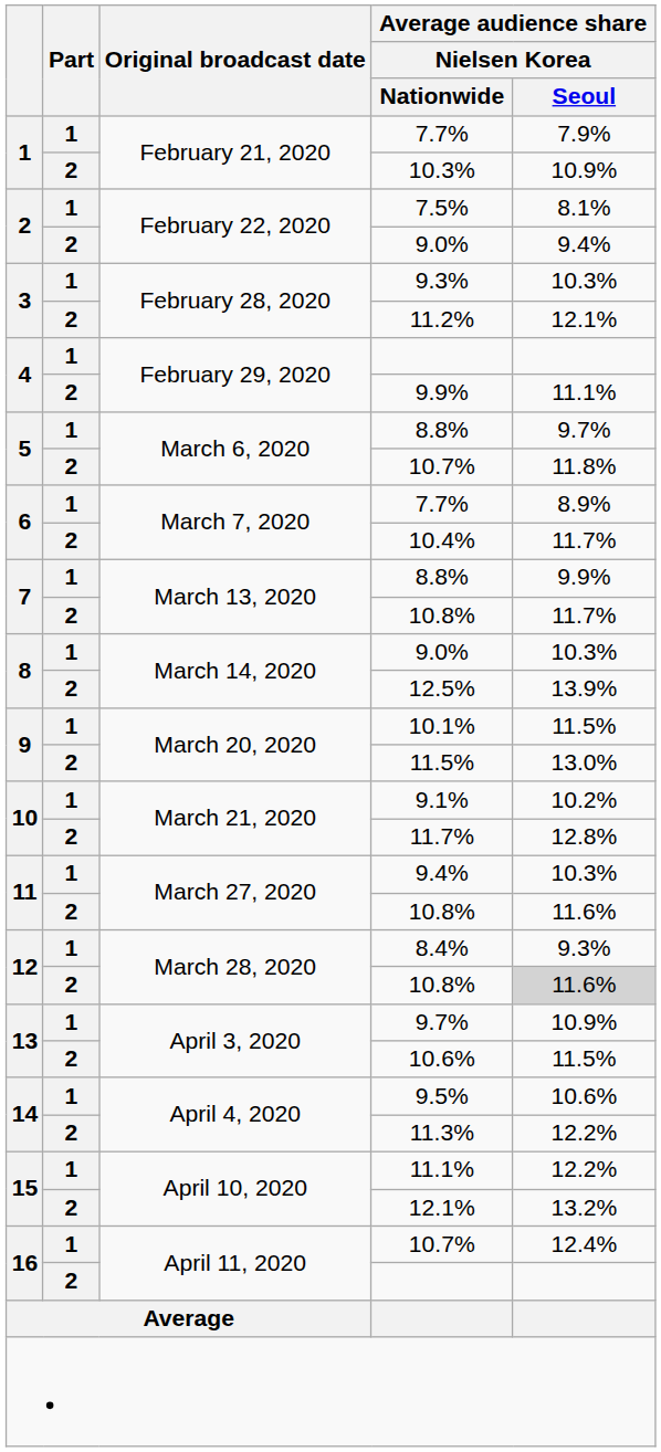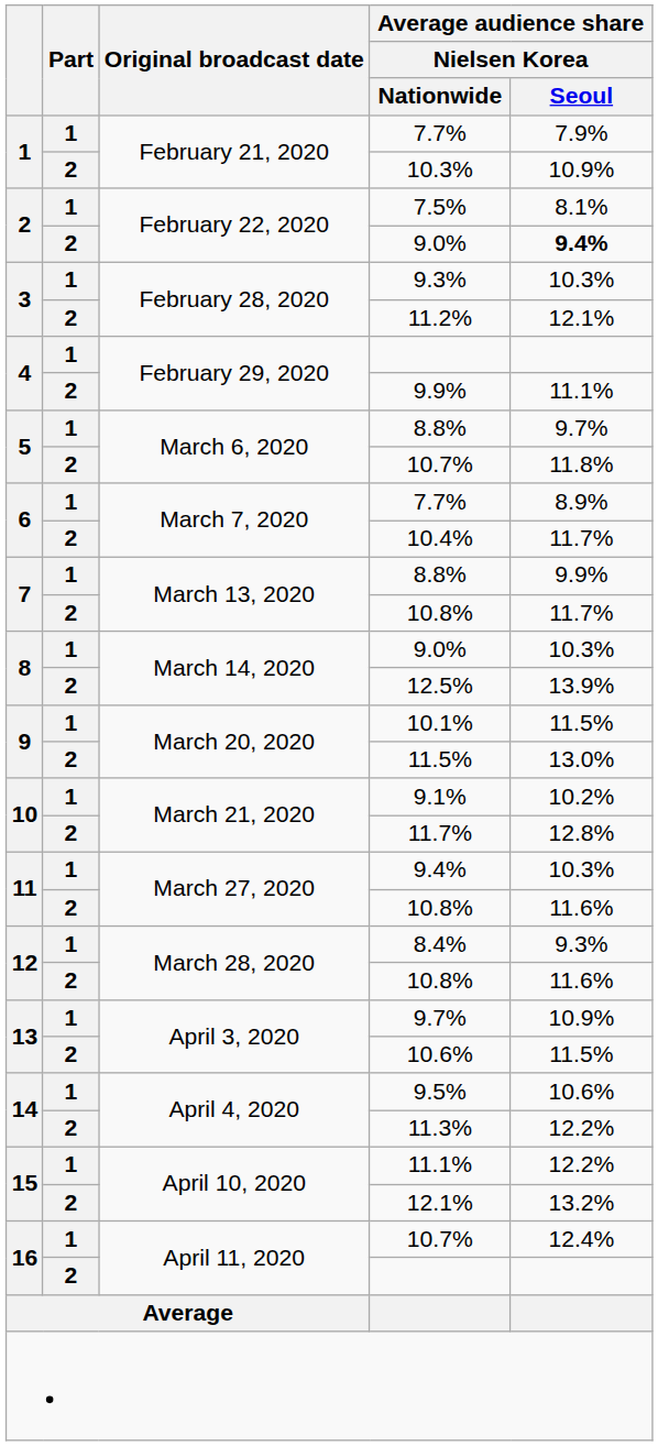 <table class="wikitable" style="text-align:center;max-width:450px; margin-left: auto; margin-right: auto; border: none;">
 <tr>
 </tr>
 <tr>
 <th rowspan="3"></th>
 <th rowspan="3">Part</th>
 <th rowspan="3">Original broadcast date</th>
 <th colspan="2">Average audience share</th>
 </tr>
 <tr>
 <th colspan="2">Nielsen Korea</th>
 </tr>
 <tr>
 <th width="90">Nationwide</th>
 <th width="90"><a href='#'>Seoul</a></th>
 </tr>
 <tr>
 <th rowspan="2">1</th>
 <th>1</th>
 <td rowspan="2">February 21, 2020</td>
 <td>7.7% </td>
 <td>7.9% </td>
 </tr>
 <tr>
 <th>2</th>
 <td>10.3% </td>
 <td>10.9% </td>
 </tr>
 <tr>
 <th rowspan="2">2</th>
 <th>1</th>
 <td rowspan="2">February 22, 2020</td>
 <td>7.5% </td>
 <td>8.1% </td>
 </tr>
 <tr>
 <th>2</th>
 <td>9.0% </td>
-<td>9.4% </td>
+<td><strong>9.4% </strong></td>
 </tr>
 <tr>
 <th rowspan="2">3</th>
 <th>1</th>
 <td rowspan="2">February 28, 2020</td>
 <td>9.3% </td>
 <td>10.3% </td>
 </tr>
 <tr>
 <th>2</th>
 <td>11.2% </td>
 <td>12.1% </td>
 </tr>
 <tr>
 <th rowspan="2">4</th>
 <th>1</th>
 <td rowspan="2">February 29, 2020</td>
 <td><strong></strong> </td>
 <td><strong></strong> </td>
 </tr>
 <tr>
 <th>2</th>
 <td>9.9% </td>
 <td>11.1% </td>
 </tr>
 <tr>
 <th rowspan="2">5</th>
 <th>1</th>
 <td rowspan="2">March 6, 2020</td>
 <td>8.8% </td>
 <td>9.7% </td>
 </tr>
 <tr>
 <th>2</th>
 <td>10.7% </td>
 <td>11.8% </td>
 </tr>
 <tr>
 <th rowspan="2">6</th>
 <th>1</th>
 <td rowspan="2">March 7, 2020</td>
 <td>7.7% </td>
 <td>8.9% </td>
 </tr>
 <tr>
 <th>2</th>
 <td>10.4% </td>
 <td>11.7% </td>
 </tr>
 <tr>
 <th rowspan="2">7</th>
 <th>1</th>
 <td rowspan="2">March 13, 2020</td>
 <td>8.8% </td>
 <td>9.9% </td>
 </tr>
 <tr>
 <th>2</th>
 <td>10.8% </td>
 <td>11.7% </td>
 </tr>
 <tr>
 <th rowspan="2">8</th>
 <th>1</th>
 <td rowspan="2">March 14, 2020</td>
 <td>9.0% </td>
 <td>10.3% </td>
 </tr>
 <tr>
 <th>2</th>
 <td>12.5% </td>
 <td>13.9% </td>
 </tr>
 <tr>
 <th rowspan="2">9</th>
 <th>1</th>
 <td rowspan="2">March 20, 2020</td>
 <td>10.1% </td>
 <td>11.5% </td>
 </tr>
 <tr>
 <th>2</th>
 <td>11.5% </td>
 <td>13.0% </td>
 </tr>
 <tr>
 <th rowspan="2">10</th>
 <th>1</th>
 <td rowspan="2">March 21, 2020</td>
 <td>9.1% </td>
 <td>10.2% </td>
 </tr>
 <tr>
 <th>2</th>
 <td>11.7% </td>
 <td>12.8% </td>
 </tr>
 <tr>
 <th rowspan="2">11</th>
 <th>1</th>
 <td rowspan="2">March 27, 2020</td>
 <td>9.4% </td>
 <td>10.3% </td>
 </tr>
 <tr>
 <th>2</th>
 <td>10.8% </td>
 <td>11.6% </td>
 </tr>
 <tr>
 <th rowspan="2">12</th>
 <th>1</th>
 <td rowspan="2">March 28, 2020</td>
 <td>8.4% </td>
 <td>9.3% </td>
 </tr>
 <tr>
 <th>2</th>
 <td>10.8% </td>
-<td style="background: lightgrey;">11.6% </td>
+<td>11.6% </td>
 </tr>
 <tr>
 <th rowspan="2">13</th>
 <th>1</th>
 <td rowspan="2">April 3, 2020</td>
 <td>9.7% </td>
 <td>10.9% </td>
 </tr>
 <tr>
 <th>2</th>
 <td>10.6% </td>
 <td>11.5% </td>
 </tr>
 <tr>
 <th rowspan="2">14</th>
 <th>1</th>
 <td rowspan="2">April 4, 2020</td>
 <td>9.5% </td>
 <td>10.6% </td>
 </tr>
 <tr>
 <th>2</th>
 <td>11.3% </td>
 <td>12.2% </td>
 </tr>
 <tr>
 <th rowspan="2">15</th>
 <th>1</th>
 <td rowspan="2">April 10, 2020</td>
 <td>11.1% </td>
 <td>12.2% </td>
 </tr>
 <tr>
 <th>2</th>
 <td>12.1% </td>
 <td>13.2% </td>
 </tr>
 <tr>
 <th rowspan="2">16</th>
 <th>1</th>
 <td rowspan="2">April 11, 2020</td>
 <td>10.7% </td>
 <td>12.4% </td>
 </tr>
 <tr>
 <th>2</th>
 <td><strong></strong> </td>
 <td><strong></strong> </td>
 </tr>
 <tr>
 <th colspan="3">Average</th>
 <th></th>
 <th></th>
 </tr>
 <tr>
 <td colspan="6"><br><ul><li></li></ul></td>
 </tr>
 </table>
